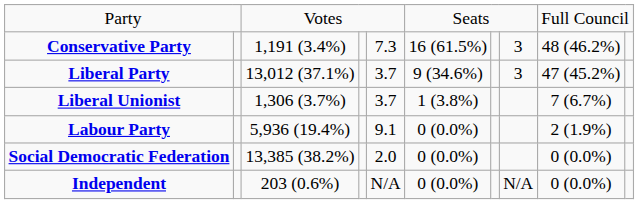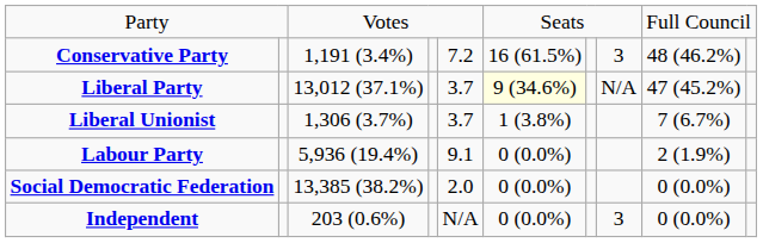 <table class=wikitable style="text-align:center;">
 <tr>
 <td colspan=2>Party</td>
 <td colspan=3>Votes</td>
 <td colspan=3>Seats</td>
 <td colspan=3>Full Council</td>
 </tr>
 <tr>
 <td><strong><a href='#'>Conservative Party</a></strong></td>
 <td style="background:"></td>
 <td>1,191 (3.4%)</td>
 <td></td>
-<td> 7.3</td>
+<td> 7.2</td>
 <td>16 (61.5%)</td>
 <td></td>
 <td> 3</td>
 <td>48 (46.2%)</td>
 <td></td>
 </tr>
 <tr>
 <td><strong><a href='#'>Liberal Party</a></strong></td>
 <td style="background:"></td>
 <td>13,012 (37.1%)</td>
 <td></td>
 <td> 3.7</td>
-<td>9 (34.6%)</td>
+<td style="background: lightyellow;">9 (34.6%)</td>
 <td></td>
-<td> 3</td>
+<td>N/A</td>
 <td>47 (45.2%)</td>
 <td></td>
 </tr>
 <tr>
 <td><strong><a href='#'>Liberal Unionist</a></strong></td>
 <td style="background:"></td>
 <td>1,306 (3.7%)</td>
 <td></td>
 <td> 3.7</td>
 <td>1 (3.8%)</td>
 <td></td>
 <td></td>
 <td>7 (6.7%)</td>
 <td></td>
 </tr>
 <tr>
 <td><strong><a href='#'>Labour Party</a></strong></td>
 <td style="background:"></td>
 <td>5,936 (19.4%)</td>
 <td></td>
 <td> 9.1</td>
 <td>0 (0.0%)</td>
 <td></td>
 <td></td>
 <td>2 (1.9%)</td>
 <td></td>
 </tr>
 <tr>
 <td><strong><a href='#'>Social Democratic Federation</a></strong></td>
 <td style="background:"></td>
 <td>13,385 (38.2%)</td>
 <td></td>
 <td> 2.0</td>
 <td>0 (0.0%)</td>
 <td></td>
 <td></td>
 <td>0 (0.0%)</td>
 <td></td>
 </tr>
 <tr>
 <td><strong><a href='#'>Independent</a></strong></td>
 <td style="background:"></td>
 <td>203 (0.6%)</td>
 <td></td>
 <td>N/A</td>
 <td>0 (0.0%)</td>
 <td></td>
-<td>N/A</td>
+<td> 3</td>
 <td>0 (0.0%)</td>
 <td></td>
 </tr>
 </table>
